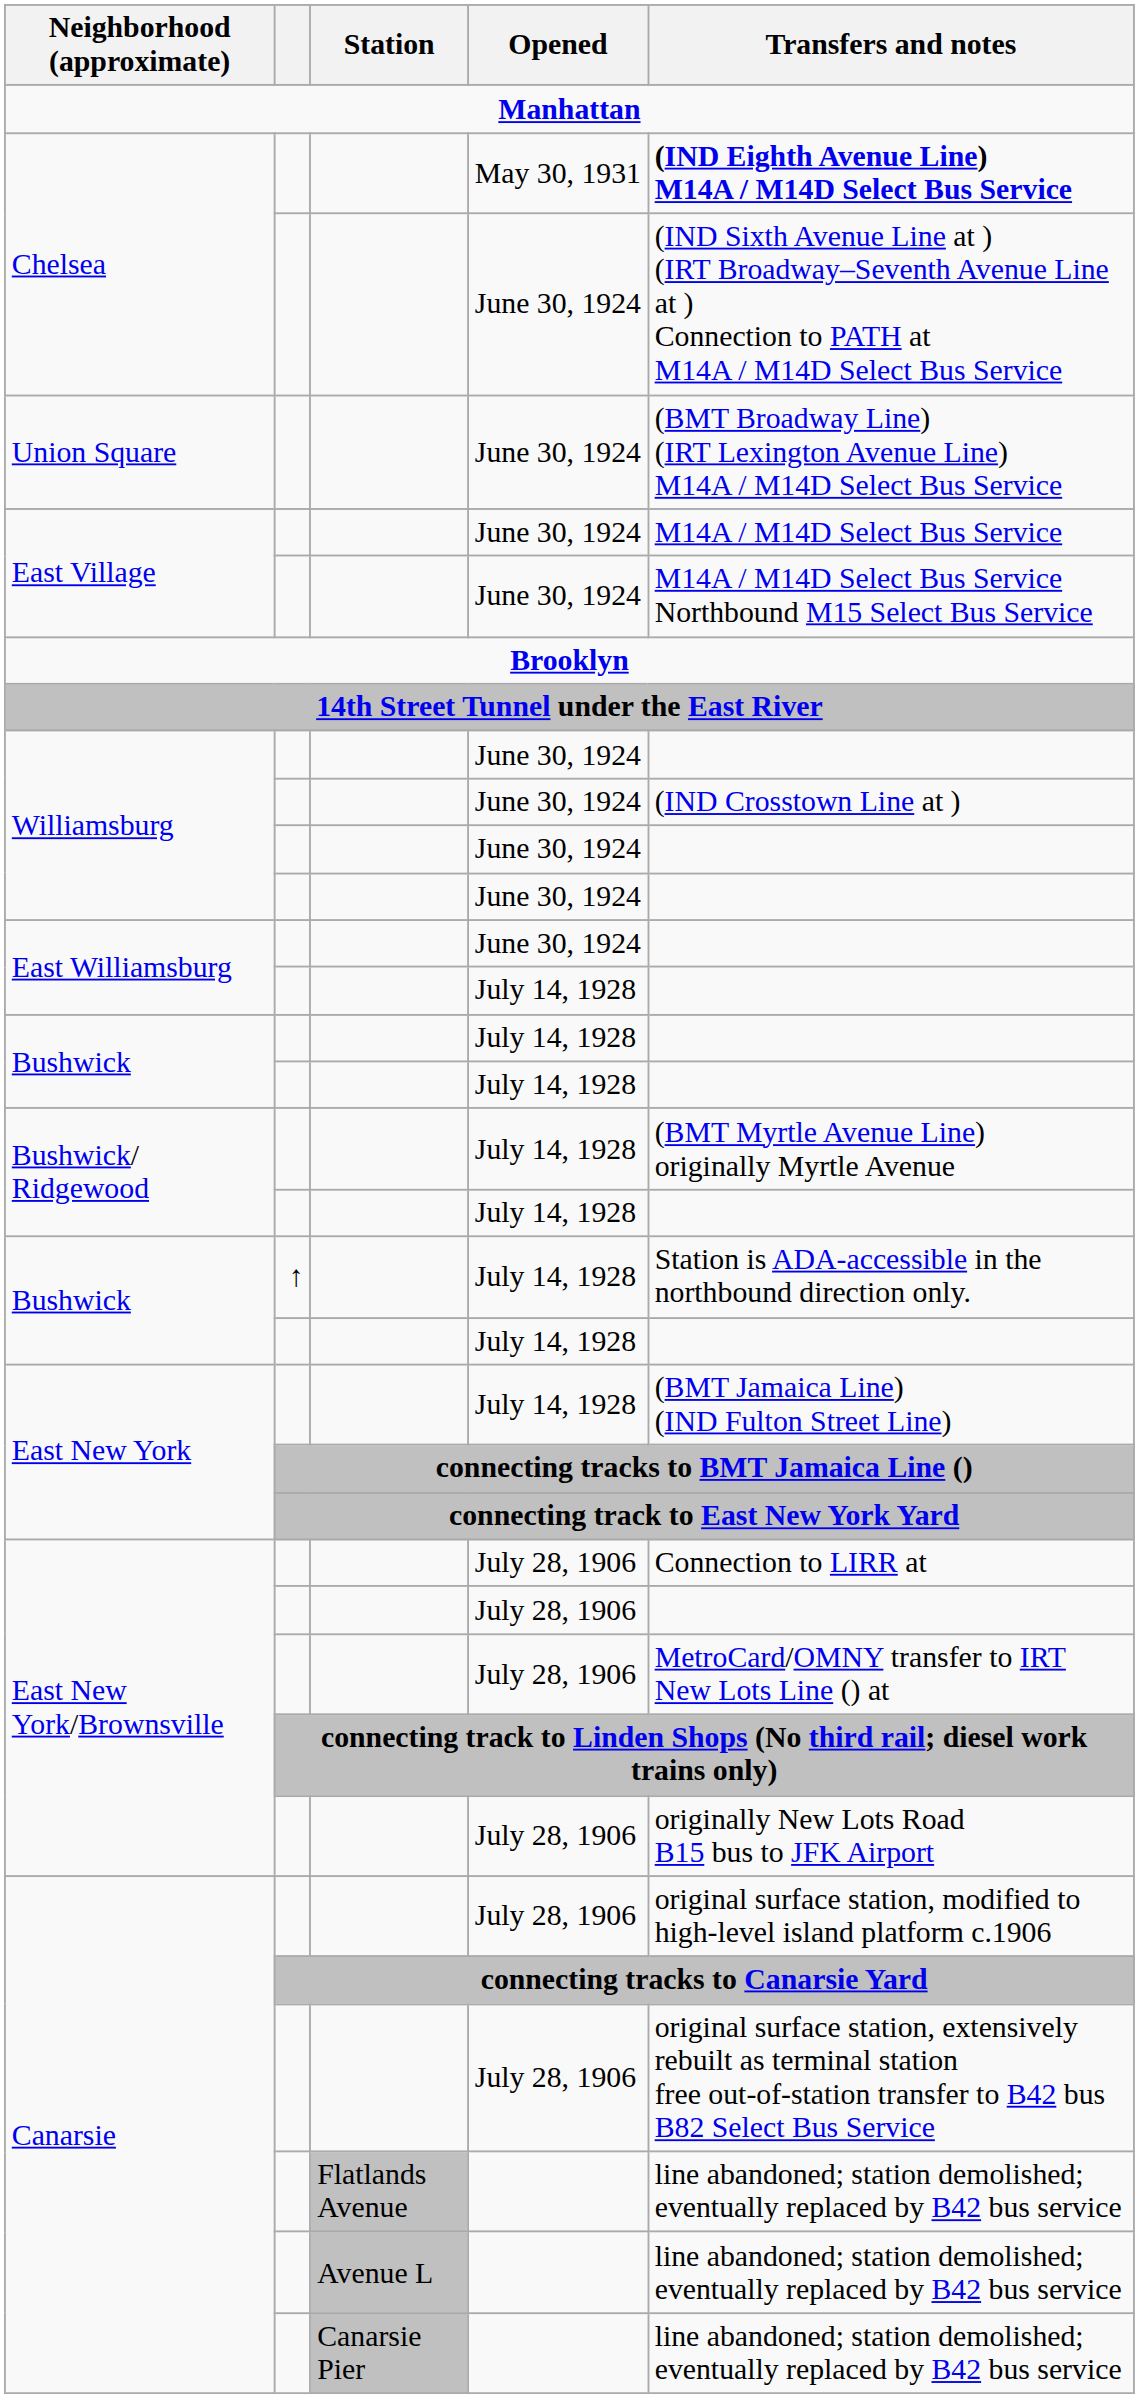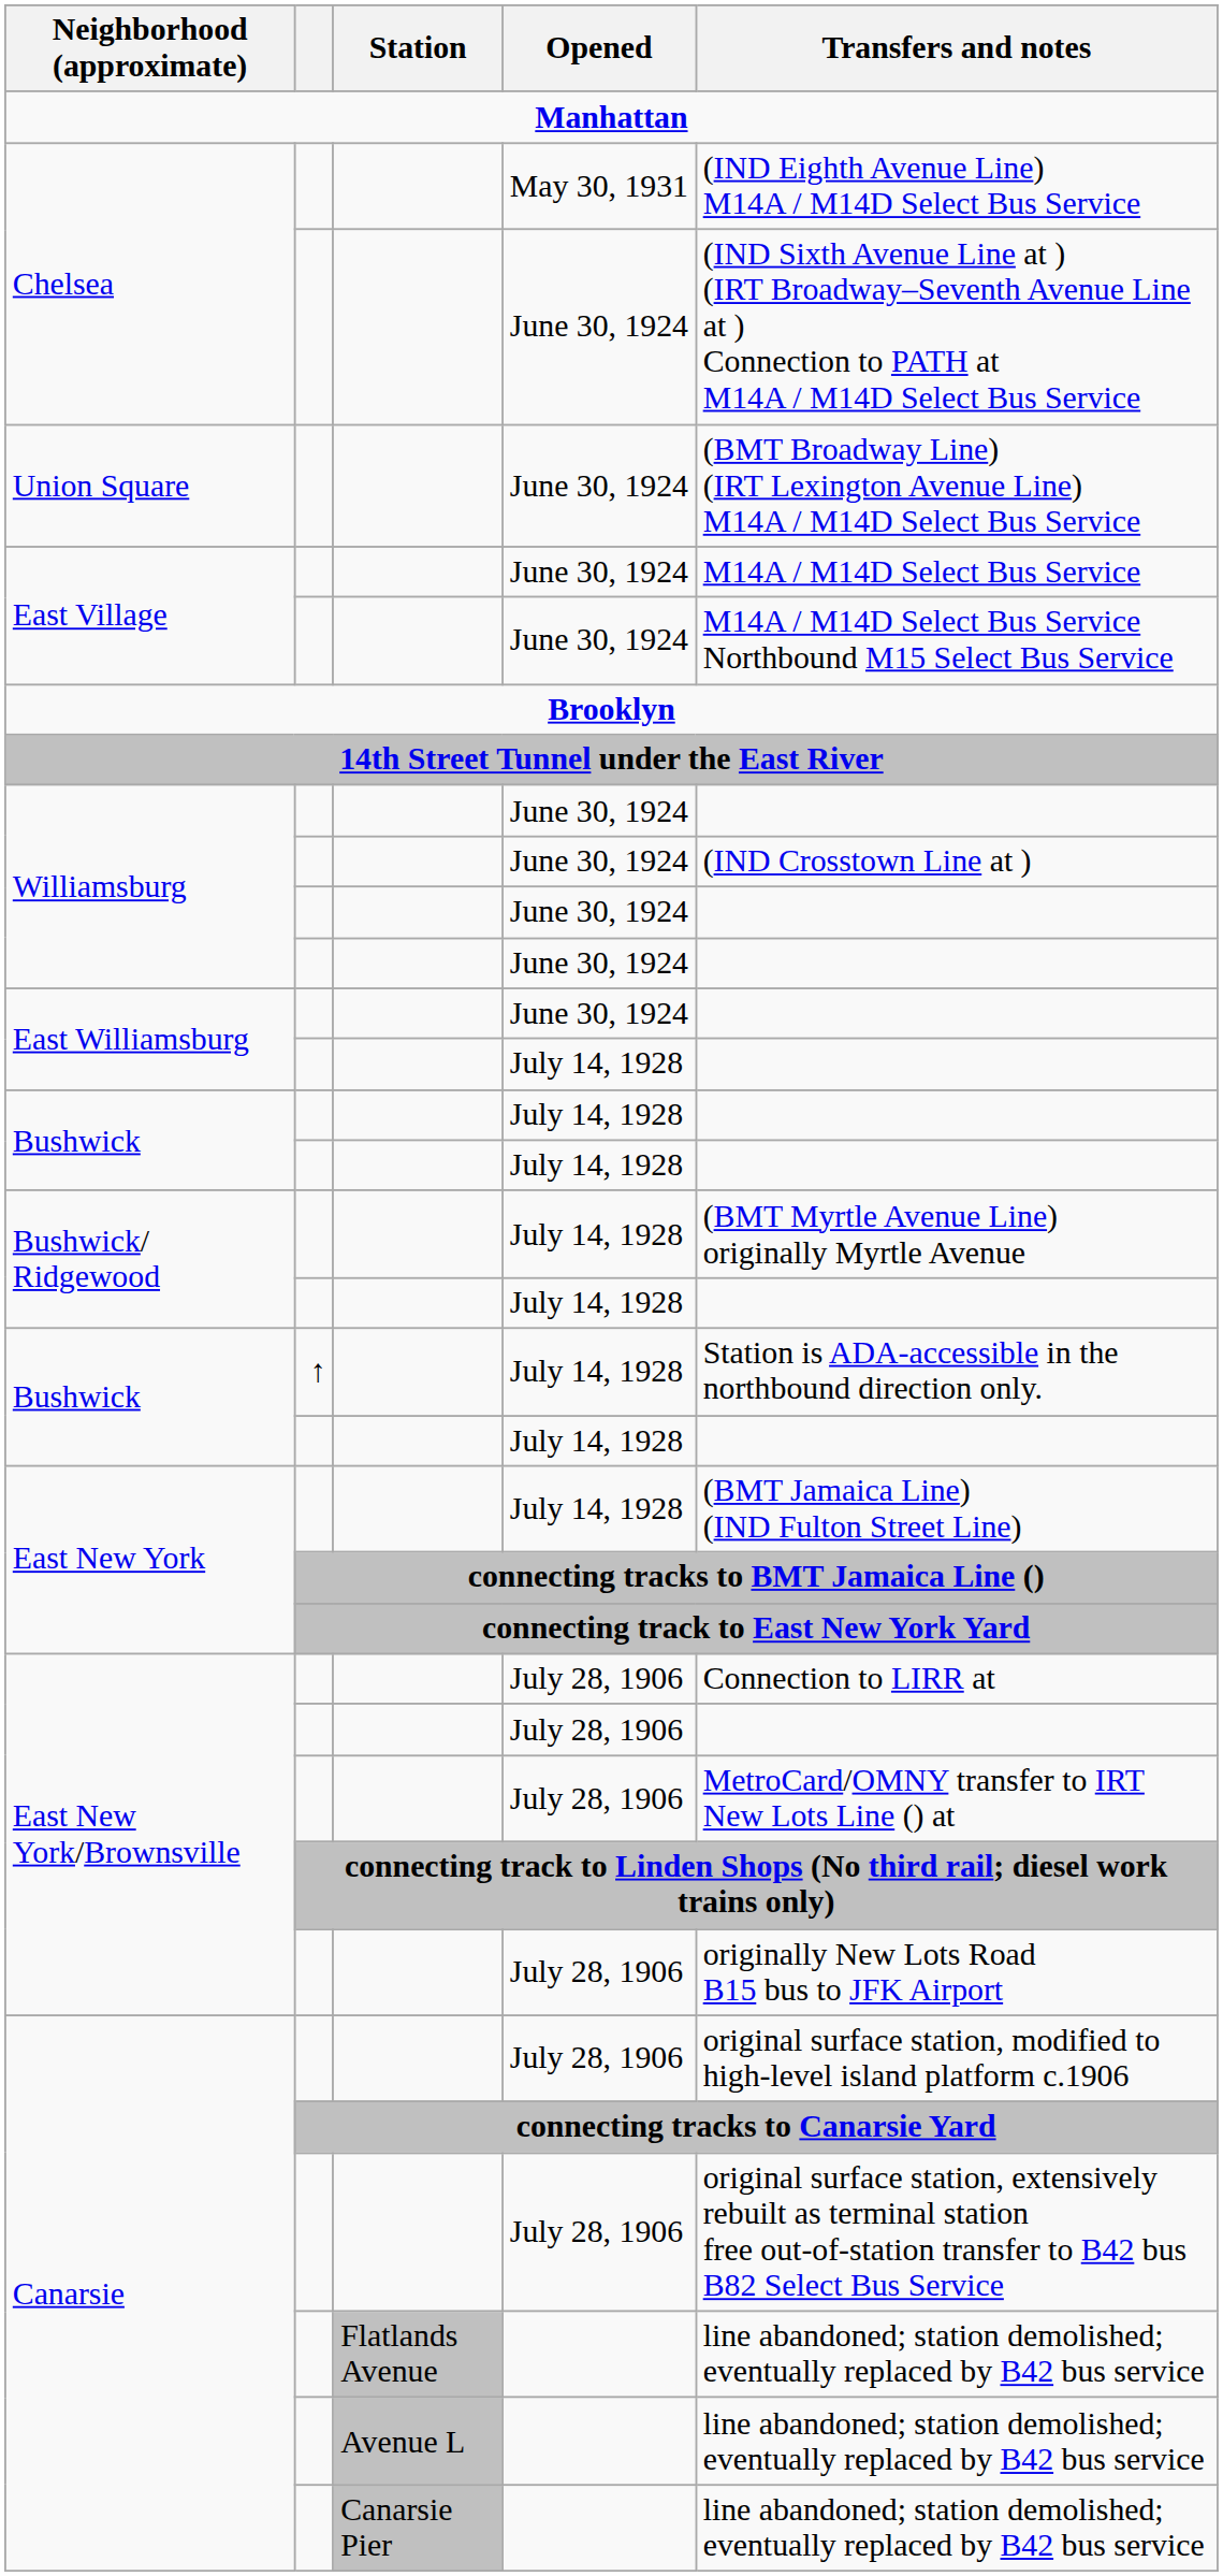 <table class="wikitable">
 <tr>
 <th>Neighborhood<br>(approximate)</th>
 <th></th>
 <th>Station</th>
 <th>Opened</th>
 <th>Transfers and notes</th>
 </tr>
 <tr>
 <td align=center colspan=7><strong><a href='#'>Manhattan</a></strong></td>
 </tr>
 <tr>
 <td rowspan=2><a href='#'>Chelsea</a></td>
 <td></td>
 <td></td>
 <td>May 30, 1931</td>
-<td><strong> (<a href='#'>IND Eighth Avenue Line</a>)<br><a href='#'>M14A / M14D Select Bus Service</a></strong></td>
+<td> (<a href='#'>IND Eighth Avenue Line</a>)<br><a href='#'>M14A / M14D Select Bus Service</a></td>
 </tr>
 <tr>
 <td></td>
 <td></td>
 <td style="white-space: nowrap;">June 30, 1924</td>
 <td> (<a href='#'>IND Sixth Avenue Line</a> at )<br> (<a href='#'>IRT Broadway–Seventh Avenue Line</a> at )<br>Connection to <a href='#'>PATH</a> at <br><a href='#'>M14A / M14D Select Bus Service</a></td>
 </tr>
 <tr>
 <td rowspan=1><a href='#'>Union Square</a></td>
 <td></td>
 <td></td>
 <td>June 30, 1924</td>
 <td> (<a href='#'>BMT Broadway Line</a>)<br> (<a href='#'>IRT Lexington Avenue Line</a>)<br><a href='#'>M14A / M14D Select Bus Service</a></td>
 </tr>
 <tr>
 <td rowspan=2><a href='#'>East Village</a></td>
 <td></td>
 <td></td>
 <td>June 30, 1924</td>
 <td><a href='#'>M14A / M14D Select Bus Service</a></td>
 </tr>
 <tr>
 <td></td>
 <td></td>
 <td>June 30, 1924</td>
 <td><a href='#'>M14A / M14D Select Bus Service</a><br>Northbound <a href='#'>M15 Select Bus Service</a></td>
 </tr>
 <tr>
 <td align=center colspan=7><strong><a href='#'>Brooklyn</a></strong></td>
 </tr>
 <tr>
 <th colspan=5 style="background-color: silver;"><a href='#'>14th Street Tunnel</a> under the <a href='#'>East River</a></th>
 </tr>
 <tr>
 <td rowspan=4><a href='#'>Williamsburg</a></td>
 <td></td>
 <td></td>
 <td>June 30, 1924</td>
 <td></td>
 </tr>
 <tr>
 <td></td>
 <td></td>
 <td>June 30, 1924</td>
 <td> (<a href='#'>IND Crosstown Line</a> at )</td>
 </tr>
 <tr>
 <td></td>
 <td></td>
 <td>June 30, 1924</td>
 <td></td>
 </tr>
 <tr>
 <td></td>
 <td></td>
 <td>June 30, 1924</td>
 <td></td>
 </tr>
 <tr>
 <td rowspan=2><a href='#'>East Williamsburg</a></td>
 <td></td>
 <td></td>
 <td>June 30, 1924</td>
 <td></td>
 </tr>
 <tr>
 <td></td>
 <td></td>
 <td>July 14, 1928</td>
 <td></td>
 </tr>
 <tr>
 <td rowspan=2><a href='#'>Bushwick</a></td>
 <td></td>
 <td></td>
 <td>July 14, 1928</td>
 <td></td>
 </tr>
 <tr>
 <td></td>
 <td></td>
 <td>July 14, 1928</td>
 <td></td>
 </tr>
 <tr>
 <td rowspan=2><a href='#'>Bushwick</a>/<br><a href='#'>Ridgewood</a></td>
 <td></td>
 <td></td>
 <td>July 14, 1928</td>
 <td> (<a href='#'>BMT Myrtle Avenue Line</a>)<br>originally Myrtle Avenue</td>
 </tr>
 <tr>
 <td></td>
 <td></td>
 <td>July 14, 1928</td>
 <td></td>
 </tr>
 <tr>
 <td rowspan=2><a href='#'>Bushwick</a></td>
 <td> ↑</td>
 <td></td>
 <td>July 14, 1928</td>
 <td>Station is <a href='#'>ADA-accessible</a> in the northbound direction only.</td>
 </tr>
 <tr>
 <td></td>
 <td></td>
 <td>July 14, 1928</td>
 <td></td>
 </tr>
 <tr>
 <td rowspan=3><a href='#'>East New York</a></td>
 <td></td>
 <td></td>
 <td>July 14, 1928</td>
 <td> (<a href='#'>BMT Jamaica Line</a>)<br> (<a href='#'>IND Fulton Street Line</a>)</td>
 </tr>
 <tr>
 <th colspan=4 style="background-color: silver;">connecting tracks to <a href='#'>BMT Jamaica Line</a> ()</th>
 </tr>
 <tr>
 <th colspan=4 style="background-color: silver;">connecting track to <a href='#'>East New York Yard</a></th>
 </tr>
 <tr>
 <td rowspan=5><a href='#'>East New York</a>/<a href='#'>Brownsville</a></td>
 <td></td>
 <td></td>
 <td>July 28, 1906</td>
 <td>Connection to <a href='#'>LIRR</a> at </td>
 </tr>
 <tr>
 <td></td>
 <td></td>
 <td>July 28, 1906</td>
 <td></td>
 </tr>
 <tr>
 <td></td>
 <td></td>
 <td>July 28, 1906</td>
 <td><a href='#'>MetroCard</a>/<a href='#'>OMNY</a> transfer to <a href='#'>IRT New Lots Line</a> () at </td>
 </tr>
 <tr>
 <th colspan=4 style="background-color: silver;">connecting track to <a href='#'>Linden Shops</a> (No <a href='#'>third rail</a>; diesel work trains only)</th>
 </tr>
 <tr>
 <td></td>
 <td></td>
 <td>July 28, 1906</td>
 <td>originally New Lots Road<br><a href='#'>B15</a> bus to <a href='#'>JFK Airport</a></td>
 </tr>
 <tr>
 <td rowspan=6><a href='#'>Canarsie</a></td>
 <td></td>
 <td></td>
 <td>July 28, 1906</td>
 <td>original surface station, modified to high-level island platform c.1906</td>
 </tr>
 <tr>
 <th colspan=4 style="background-color: silver;">connecting tracks to <a href='#'>Canarsie Yard</a></th>
 </tr>
 <tr>
 <td></td>
 <td></td>
 <td>July 28, 1906</td>
 <td>original surface station, extensively rebuilt as terminal station<br>free out-of-station transfer to <a href='#'>B42</a> bus<br><a href='#'>B82 Select Bus Service</a></td>
 </tr>
 <tr>
 <td></td>
 <td style="background-color: silver;">Flatlands Avenue</td>
 <td></td>
 <td>line abandoned; station demolished; eventually replaced by <a href='#'>B42</a> bus service</td>
 </tr>
 <tr>
 <td></td>
 <td style="background-color: silver;">Avenue L</td>
 <td></td>
 <td>line abandoned; station demolished; eventually replaced by <a href='#'>B42</a> bus service</td>
 </tr>
 <tr>
 <td></td>
 <td style="background-color: silver;">Canarsie Pier</td>
 <td></td>
 <td>line abandoned; station demolished; eventually replaced by <a href='#'>B42</a> bus service</td>
 </tr>
 </table>
